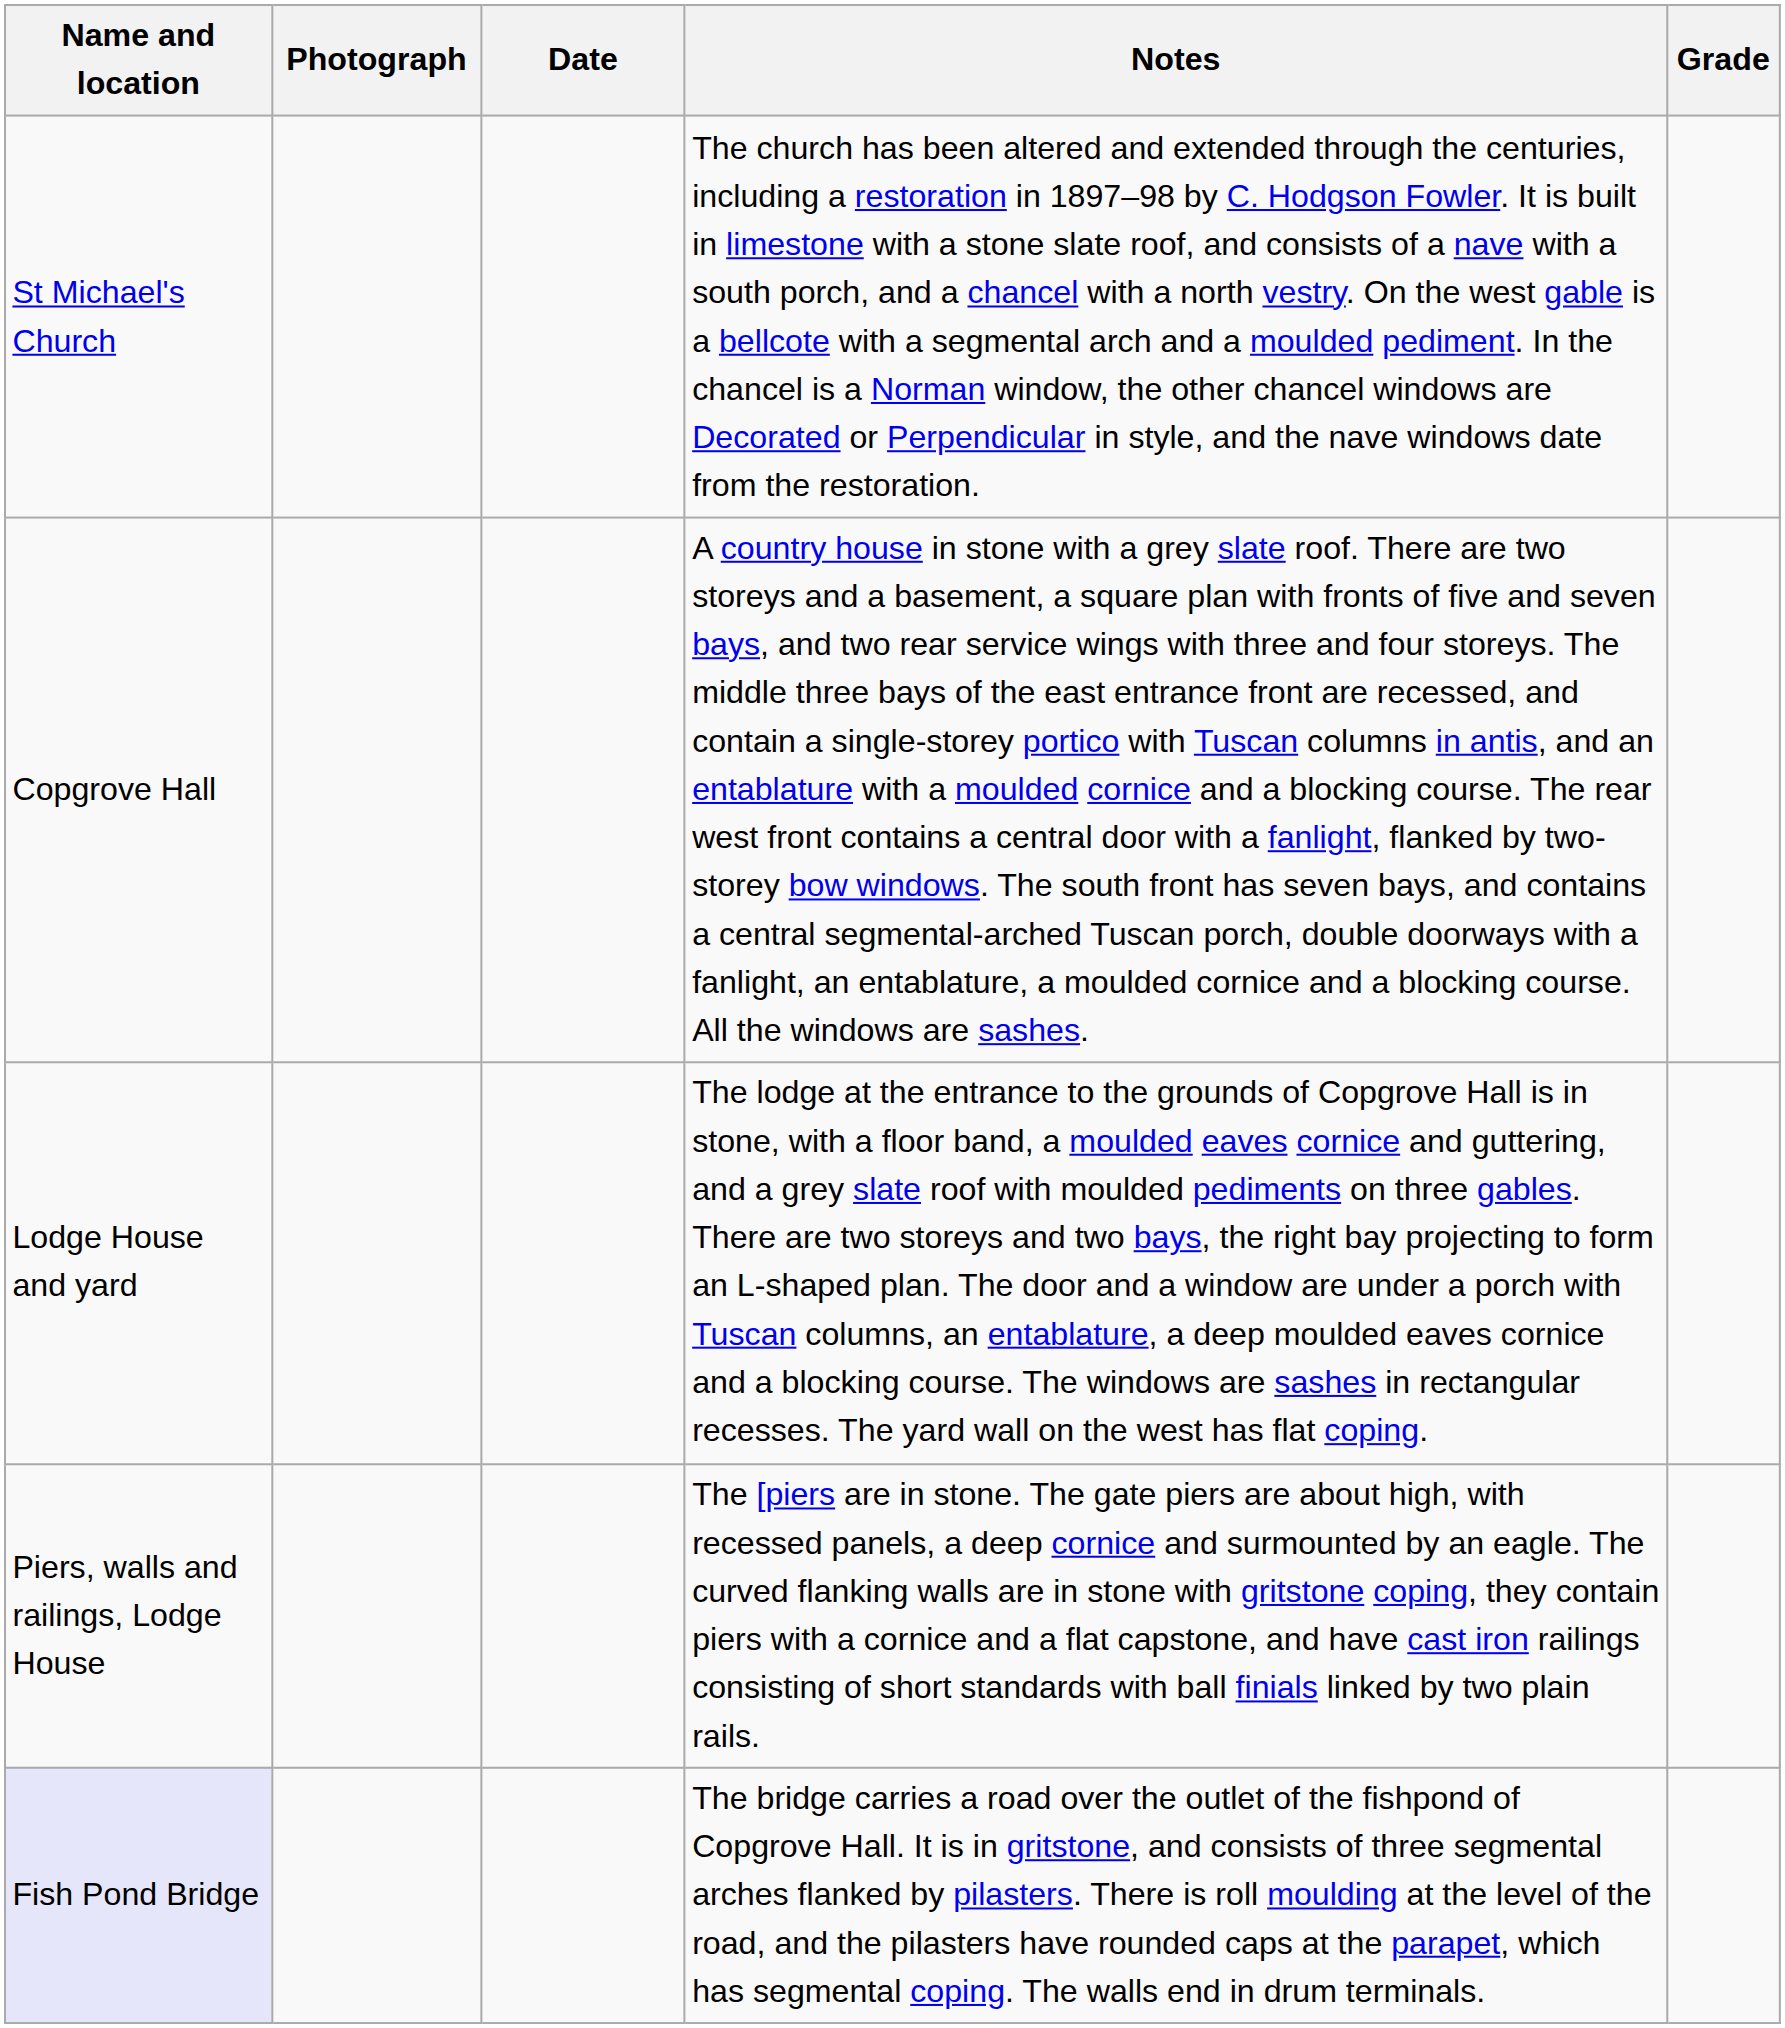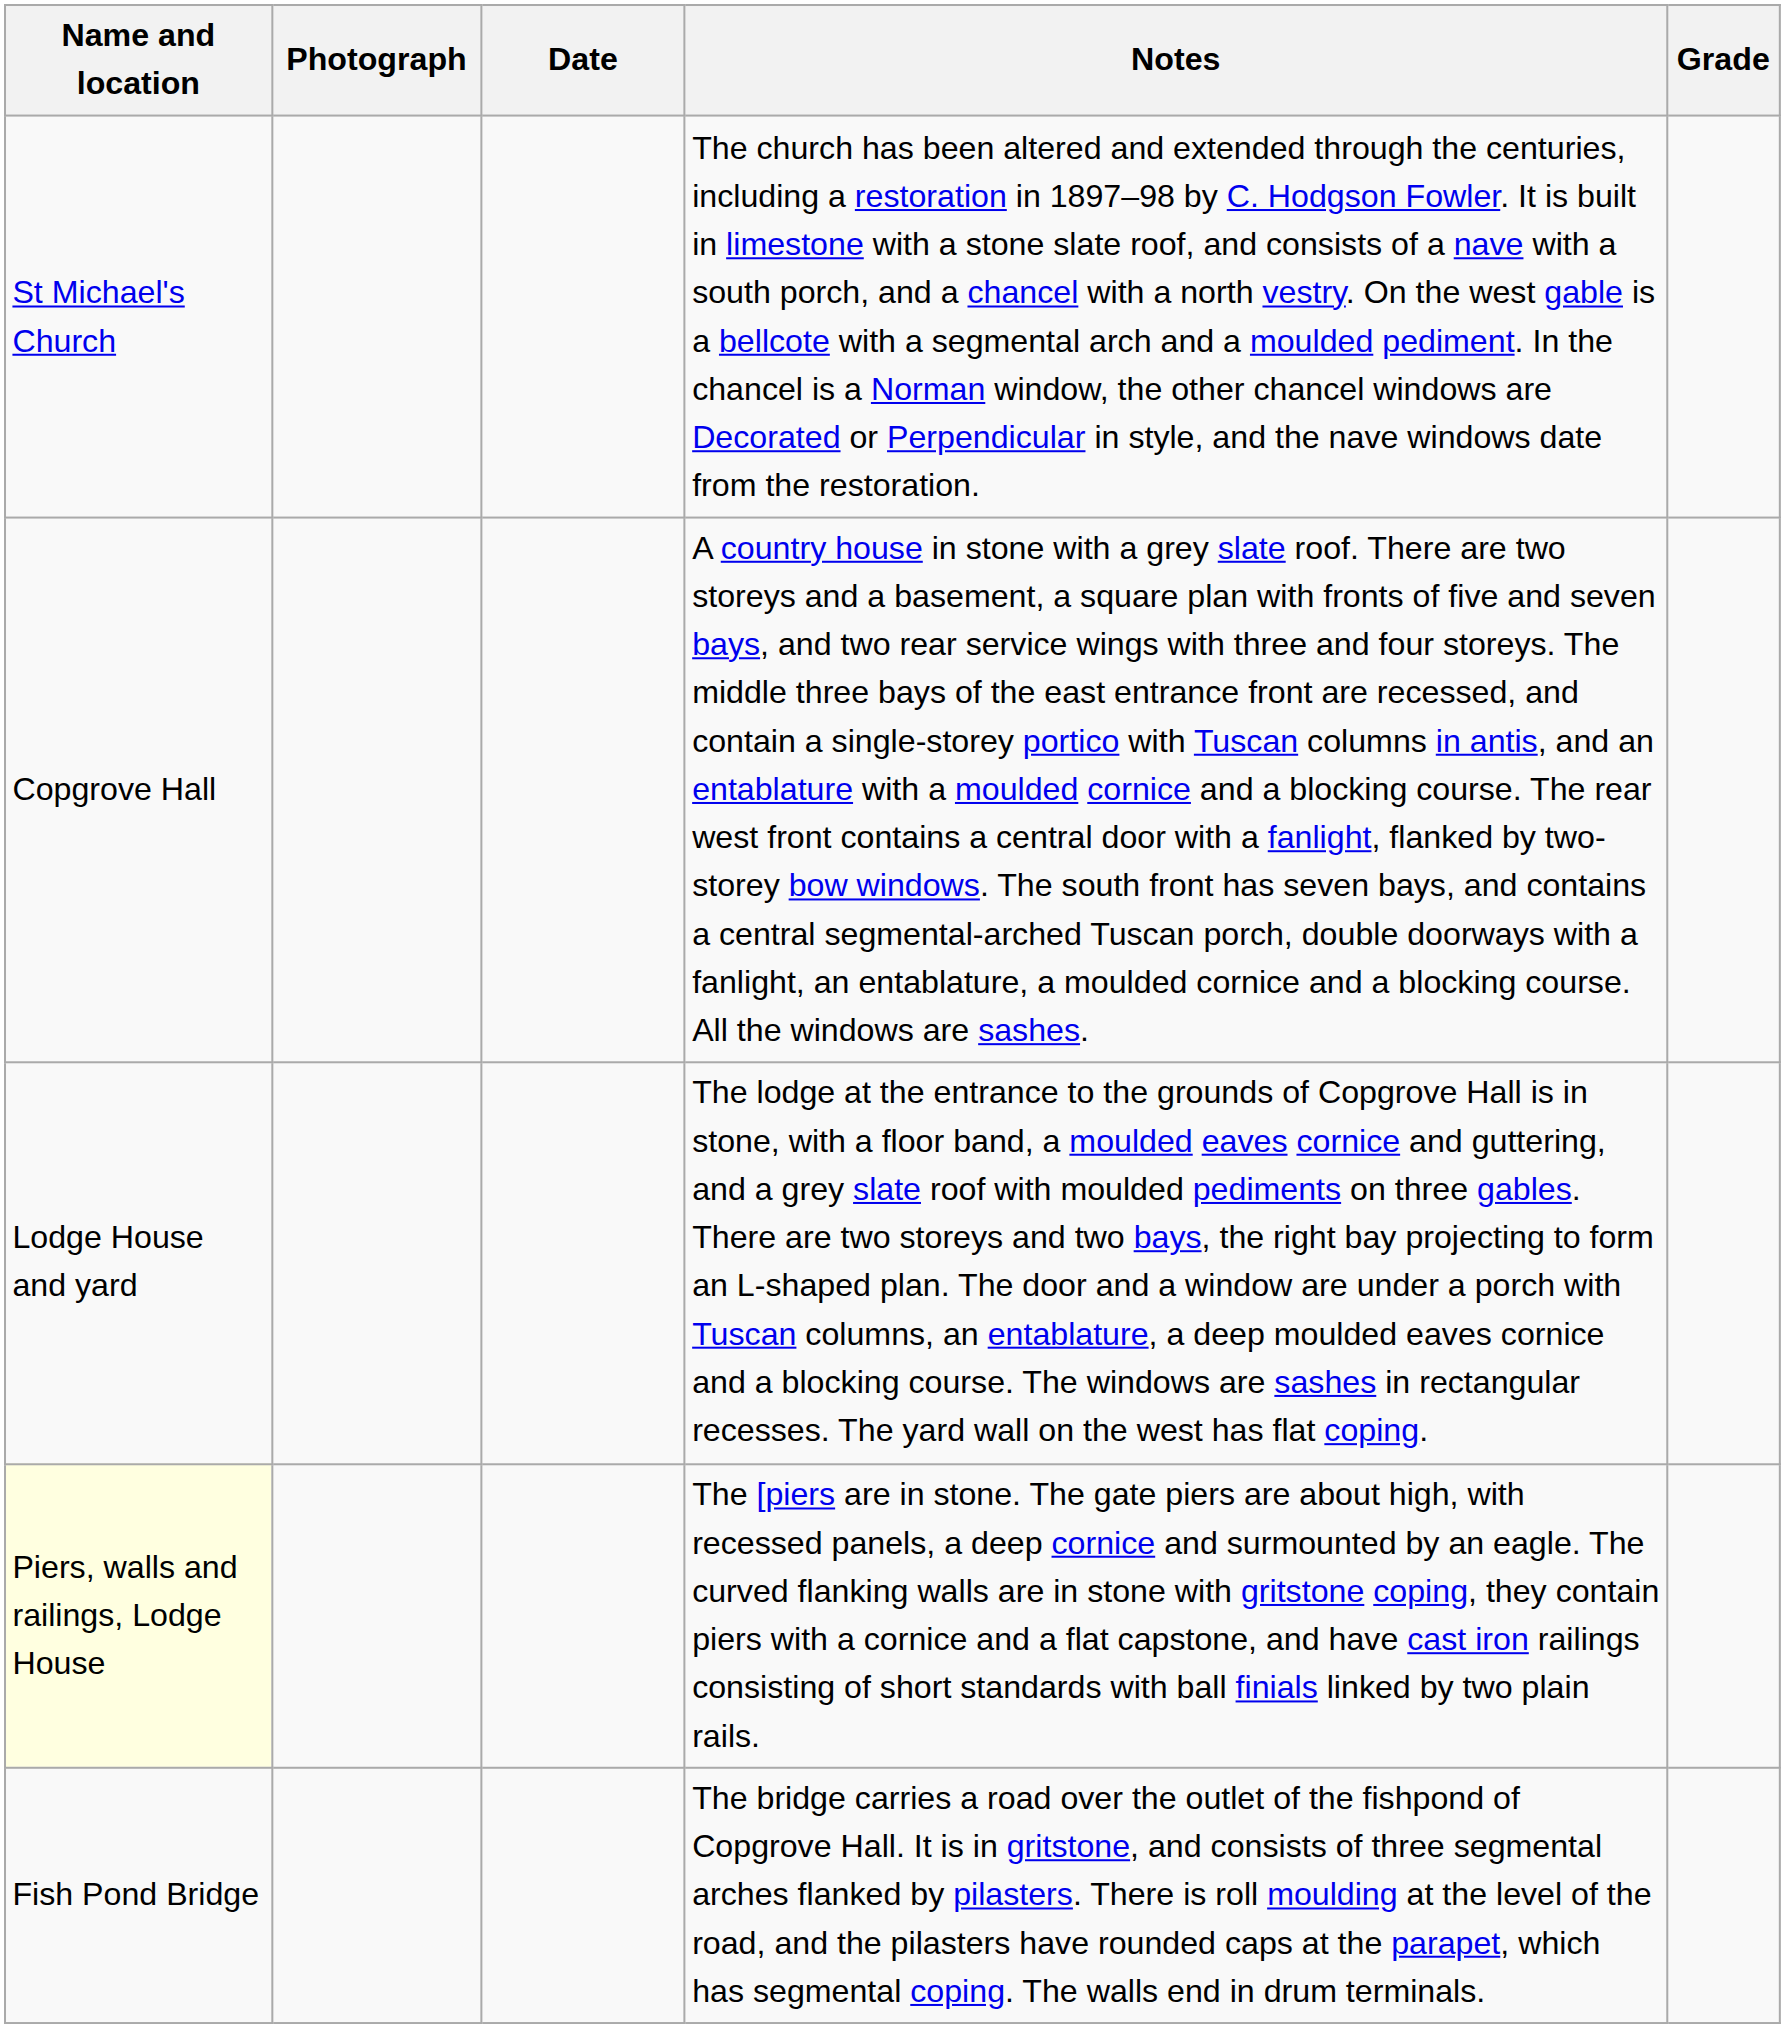 <table class="wikitable sortable plainrowheaders" style="width:100%; border:0px; text-align:left; line-height:150%">
 <tr>
 <th scope="col"  style="width:150px">Name and location</th>
 <th scope="col"  style="width:100px" class="unsortable">Photograph</th>
 <th scope="col"  style="width:120px">Date</th>
 <th scope="col"  style="width:650px" class="unsortable">Notes</th>
 <th scope="col"  style="width:50px">Grade</th>
 </tr>
 <tr>
 <td><a href='#'>St Michael's Church</a><br><small></small></td>
 <td></td>
 <td align="center"></td>
 <td>The church has been altered and extended through the centuries, including a <a href='#'>restoration</a> in 1897–98 by <a href='#'>C. Hodgson Fowler</a>.  It is built in <a href='#'>limestone</a> with a stone slate roof, and consists of a <a href='#'>nave</a> with a south porch, and a <a href='#'>chancel</a> with a north <a href='#'>vestry</a>.  On the west <a href='#'>gable</a> is a <a href='#'>bellcote</a> with a segmental arch and a <a href='#'>moulded</a> <a href='#'>pediment</a>.  In the chancel is a <a href='#'>Norman</a> window, the other chancel windows are <a href='#'>Decorated</a> or <a href='#'>Perpendicular</a> in style, and the nave windows date from the restoration.</td>
 <td align="center" ></td>
 </tr>
 <tr>
 <td>Copgrove Hall<br><small></small></td>
 <td></td>
 <td align="center"></td>
 <td>A <a href='#'>country house</a> in stone with a grey <a href='#'>slate</a> roof.  There are two storeys and a basement, a square plan with fronts of five and seven <a href='#'>bays</a>, and two rear service wings with three and four storeys.  The middle three bays of the east entrance front are recessed, and contain a single-storey <a href='#'>portico</a> with <a href='#'>Tuscan</a> columns <a href='#'>in antis</a>, and an <a href='#'>entablature</a> with a <a href='#'>moulded</a> <a href='#'>cornice</a> and a blocking course.  The rear west front contains a central door with a <a href='#'>fanlight</a>, flanked by two-storey <a href='#'>bow windows</a>.  The south front has seven bays, and contains a central segmental-arched Tuscan porch, double doorways with a fanlight, an entablature, a moulded cornice and a blocking course.  All the windows are <a href='#'>sashes</a>.</td>
 <td align="center" ></td>
 </tr>
 <tr>
 <td>Lodge House and yard<br><small></small></td>
 <td></td>
 <td align="center"></td>
 <td>The lodge at the entrance to the grounds of Copgrove Hall is in stone, with a floor band, a <a href='#'>moulded</a> <a href='#'>eaves</a> <a href='#'>cornice</a> and guttering, and a grey <a href='#'>slate</a> roof with moulded <a href='#'>pediments</a> on three <a href='#'>gables</a>.  There are two storeys and two <a href='#'>bays</a>, the right bay projecting to form an L-shaped plan.  The door and a window are under a porch with <a href='#'>Tuscan</a> columns, an <a href='#'>entablature</a>, a deep moulded eaves cornice and a blocking course.  The windows are <a href='#'>sashes</a> in rectangular recesses.  The yard wall  on the west has flat <a href='#'>coping</a>.</td>
 <td align="center" ></td>
 </tr>
 <tr>
-<td>Piers, walls and railings, Lodge House<br><small></small></td>
+<td style="background: lightyellow;">Piers, walls and railings, Lodge House<br><small></small></td>
 <td></td>
 <td align="center"></td>
 <td>The <a href='#'>[piers</a> are in stone.  The gate piers are about  high, with recessed panels, a deep <a href='#'>cornice</a> and surmounted by an eagle.  The curved flanking walls are in stone with <a href='#'>gritstone</a> <a href='#'>coping</a>, they contain piers with a cornice and a flat capstone, and have <a href='#'>cast iron</a> railings consisting of short standards with ball <a href='#'>finials</a> linked by two plain rails.</td>
 <td align="center" ></td>
 </tr>
 <tr>
-<td style="background: lavender;">Fish Pond Bridge<br><small></small></td>
+<td>Fish Pond Bridge<br><small></small></td>
 <td></td>
 <td align="center"></td>
 <td>The bridge carries a road over the outlet of the fishpond of Copgrove Hall.  It is in <a href='#'>gritstone</a>, and consists of three segmental arches flanked by <a href='#'>pilasters</a>.  There is roll <a href='#'>moulding</a> at the level of the road, and the pilasters have rounded caps at the <a href='#'>parapet</a>, which has segmental <a href='#'>coping</a>.  The walls end in drum terminals.</td>
 <td align="center" ></td>
 </tr>
 <tr>
 </tr>
 </table>
